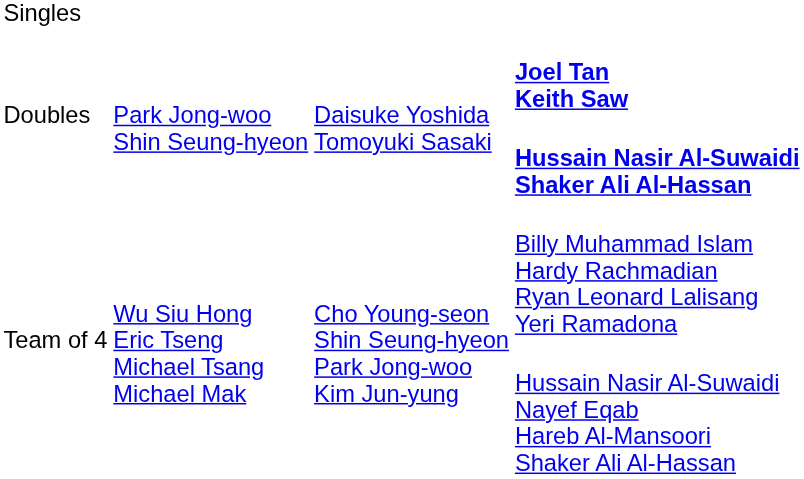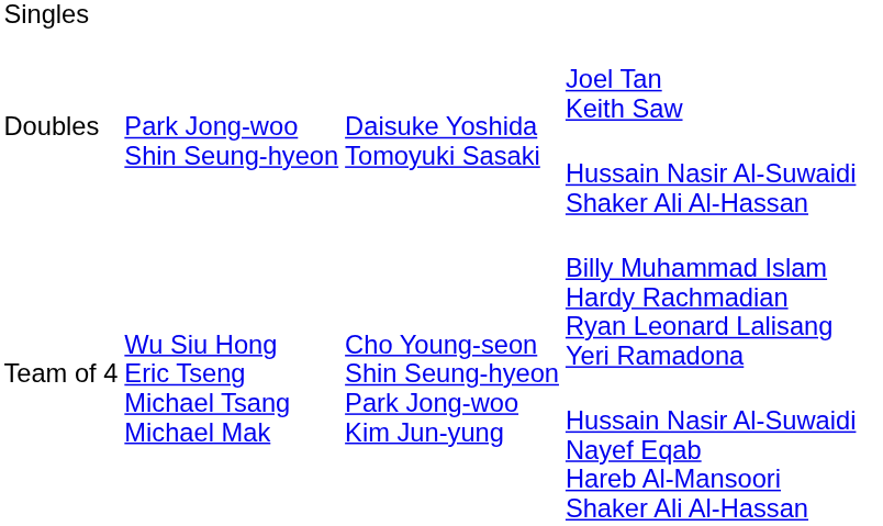 <table>
 <tr>
 <td rowspan=2>Singles</td>
 <td rowspan=2></td>
 <td rowspan=2></td>
 <td></td>
 </tr>
 <tr>
 <td></td>
 </tr>
 <tr>
 <td rowspan=2>Doubles</td>
 <td rowspan=2><br><a href='#'>Park Jong-woo</a><br><a href='#'>Shin Seung-hyeon</a></td>
 <td rowspan=2><br><a href='#'>Daisuke Yoshida</a><br><a href='#'>Tomoyuki Sasaki</a></td>
-<td><strong><br><a href='#'>Joel Tan</a><br><a href='#'>Keith Saw</a></strong></td>
+<td><br><a href='#'>Joel Tan</a><br><a href='#'>Keith Saw</a></td>
 </tr>
 <tr>
-<td><strong><br><a href='#'>Hussain Nasir Al-Suwaidi</a><br><a href='#'>Shaker Ali Al-Hassan</a></strong></td>
+<td><br><a href='#'>Hussain Nasir Al-Suwaidi</a><br><a href='#'>Shaker Ali Al-Hassan</a></td>
 </tr>
 <tr>
 <td rowspan=2>Team of 4</td>
 <td rowspan=2><br><a href='#'>Wu Siu Hong</a><br><a href='#'>Eric Tseng</a><br><a href='#'>Michael Tsang</a><br><a href='#'>Michael Mak</a></td>
 <td rowspan=2><br><a href='#'>Cho Young-seon</a><br><a href='#'>Shin Seung-hyeon</a><br><a href='#'>Park Jong-woo</a><br><a href='#'>Kim Jun-yung</a></td>
 <td><br><a href='#'>Billy Muhammad Islam</a><br><a href='#'>Hardy Rachmadian</a><br><a href='#'>Ryan Leonard Lalisang</a><br><a href='#'>Yeri Ramadona</a></td>
 </tr>
 <tr>
 <td><br><a href='#'>Hussain Nasir Al-Suwaidi</a><br><a href='#'>Nayef Eqab</a><br><a href='#'>Hareb Al-Mansoori</a><br><a href='#'>Shaker Ali Al-Hassan</a></td>
 </tr>
 </table>
